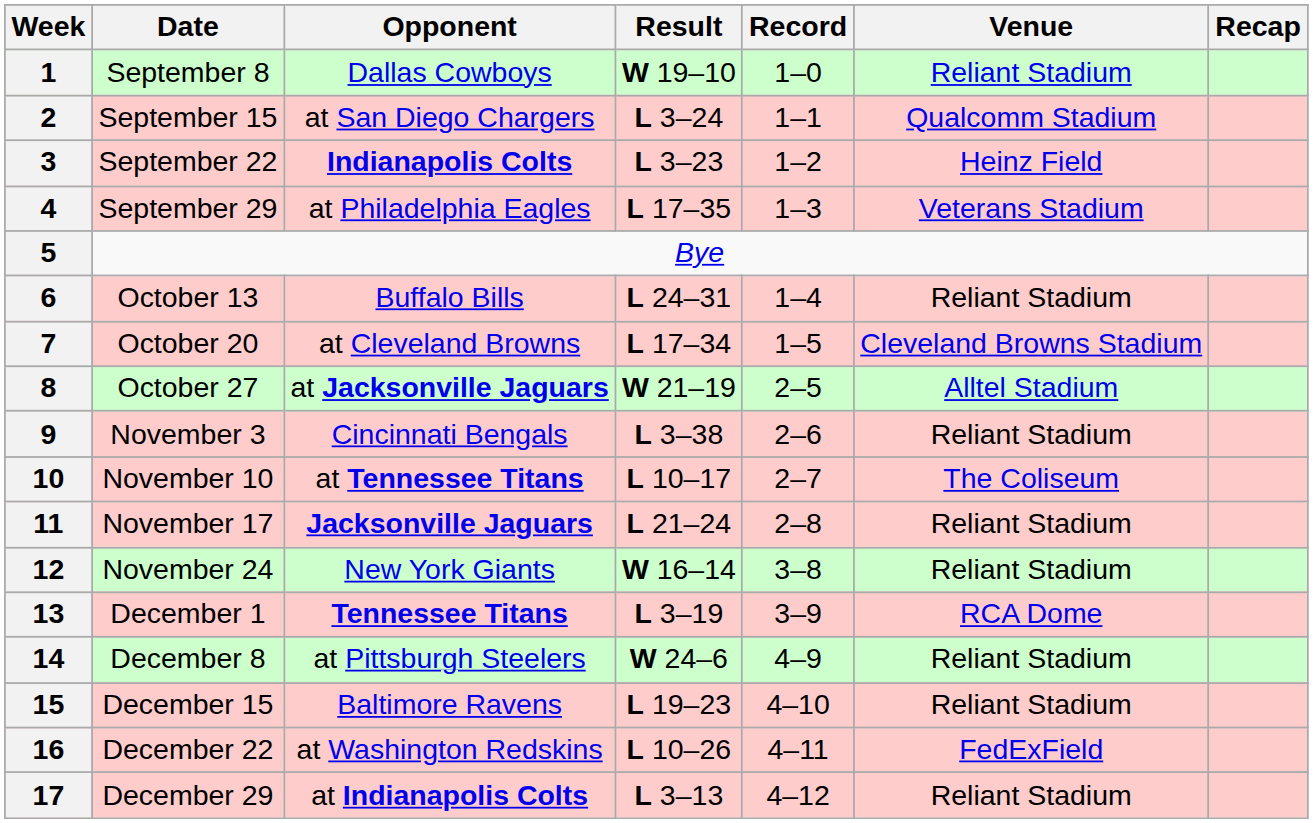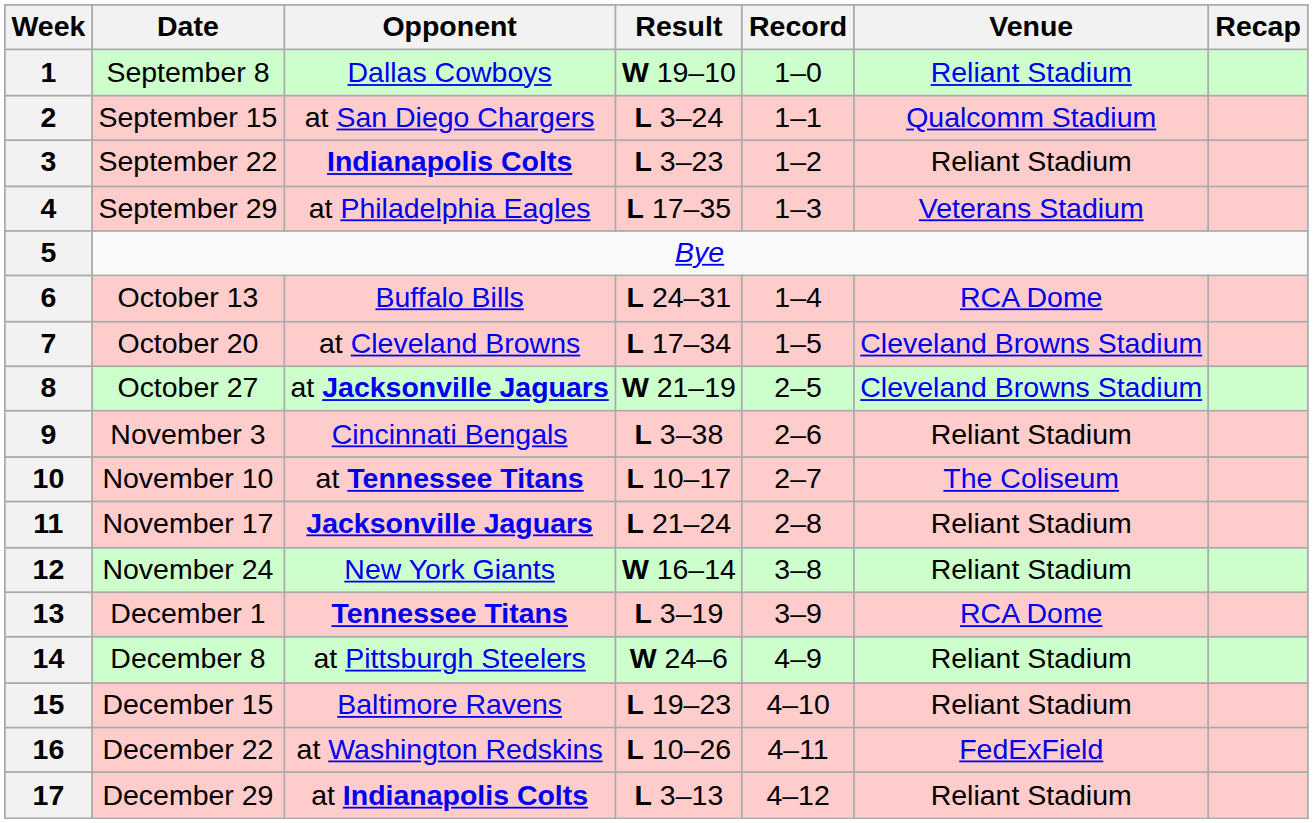 <table class="wikitable" style="text-align:center">
 <tr>
 <th>Week</th>
 <th>Date</th>
 <th>Opponent</th>
 <th>Result</th>
 <th>Record</th>
 <th>Venue</th>
 <th>Recap</th>
 </tr>
 <tr style="background:#cfc">
 <th>1</th>
 <td>September 8</td>
 <td><a href='#'>Dallas Cowboys</a></td>
 <td><strong>W</strong> 19–10</td>
 <td>1–0</td>
 <td><a href='#'>Reliant Stadium</a></td>
 <td></td>
 </tr>
 <tr style="background:#fcc">
 <th>2</th>
 <td>September 15</td>
 <td>at <a href='#'>San Diego Chargers</a></td>
 <td><strong>L</strong> 3–24</td>
 <td>1–1</td>
 <td><a href='#'>Qualcomm Stadium</a></td>
 <td></td>
 </tr>
 <tr style="background:#fcc">
 <th>3</th>
 <td>September 22</td>
 <td><strong><a href='#'>Indianapolis Colts</a></strong></td>
 <td><strong>L</strong> 3–23</td>
 <td>1–2</td>
-<td><a href='#'>Heinz Field</a></td>
+<td>Reliant Stadium</td>
 <td></td>
 </tr>
 <tr style="background:#fcc">
 <th>4</th>
 <td>September 29</td>
 <td>at <a href='#'>Philadelphia Eagles</a></td>
 <td><strong>L</strong> 17–35</td>
 <td>1–3</td>
 <td><a href='#'>Veterans Stadium</a></td>
 <td></td>
 </tr>
 <tr>
 <th>5</th>
 <td colspan="6"><em><a href='#'>Bye</a></em></td>
 </tr>
 <tr style="background:#fcc">
 <th>6</th>
 <td>October 13</td>
 <td><a href='#'>Buffalo Bills</a></td>
 <td><strong>L</strong> 24–31</td>
 <td>1–4</td>
-<td>Reliant Stadium</td>
+<td><a href='#'>RCA Dome</a></td>
 <td></td>
 </tr>
 <tr style="background:#fcc">
 <th>7</th>
 <td>October 20</td>
 <td>at <a href='#'>Cleveland Browns</a></td>
 <td><strong>L</strong> 17–34</td>
 <td>1–5</td>
 <td><a href='#'>Cleveland Browns Stadium</a></td>
 <td></td>
 </tr>
 <tr style="background:#cfc">
 <th>8</th>
 <td>October 27</td>
 <td>at <strong><a href='#'>Jacksonville Jaguars</a></strong></td>
 <td><strong>W</strong> 21–19</td>
 <td>2–5</td>
-<td><a href='#'>Alltel Stadium</a></td>
+<td><a href='#'>Cleveland Browns Stadium</a></td>
 <td></td>
 </tr>
 <tr style="background:#fcc">
 <th>9</th>
 <td>November 3</td>
 <td><a href='#'>Cincinnati Bengals</a></td>
 <td><strong>L</strong> 3–38</td>
 <td>2–6</td>
 <td>Reliant Stadium</td>
 <td></td>
 </tr>
 <tr style="background:#fcc">
 <th>10</th>
 <td>November 10</td>
 <td>at <strong><a href='#'>Tennessee Titans</a></strong></td>
 <td><strong>L</strong> 10–17</td>
 <td>2–7</td>
 <td><a href='#'>The Coliseum</a></td>
 <td></td>
 </tr>
 <tr style="background:#fcc">
 <th>11</th>
 <td>November 17</td>
 <td><strong><a href='#'>Jacksonville Jaguars</a></strong></td>
 <td><strong>L</strong> 21–24</td>
 <td>2–8</td>
 <td>Reliant Stadium</td>
 <td></td>
 </tr>
 <tr style="background:#cfc">
 <th>12</th>
 <td>November 24</td>
 <td><a href='#'>New York Giants</a></td>
 <td><strong>W</strong> 16–14</td>
 <td>3–8</td>
 <td>Reliant Stadium</td>
 <td></td>
 </tr>
 <tr style="background:#fcc">
 <th>13</th>
 <td>December 1</td>
 <td><strong><a href='#'>Tennessee Titans</a></strong></td>
 <td><strong>L</strong> 3–19</td>
 <td>3–9</td>
 <td><a href='#'>RCA Dome</a></td>
 <td></td>
 </tr>
 <tr style="background:#cfc">
 <th>14</th>
 <td>December 8</td>
 <td>at <a href='#'>Pittsburgh Steelers</a></td>
 <td><strong>W</strong> 24–6</td>
 <td>4–9</td>
 <td>Reliant Stadium</td>
 <td></td>
 </tr>
 <tr style="background:#fcc">
 <th>15</th>
 <td>December 15</td>
 <td><a href='#'>Baltimore Ravens</a></td>
 <td><strong>L</strong> 19–23</td>
 <td>4–10</td>
 <td>Reliant Stadium</td>
 <td></td>
 </tr>
 <tr style="background:#fcc">
 <th>16</th>
 <td>December 22</td>
 <td>at <a href='#'>Washington Redskins</a></td>
 <td><strong>L</strong> 10–26</td>
 <td>4–11</td>
 <td><a href='#'>FedExField</a></td>
 <td></td>
 </tr>
 <tr style="background:#fcc">
 <th>17</th>
 <td>December 29</td>
 <td>at <strong><a href='#'>Indianapolis Colts</a></strong></td>
 <td><strong>L</strong> 3–13</td>
 <td>4–12</td>
 <td>Reliant Stadium</td>
 <td></td>
 </tr>
 </table>
